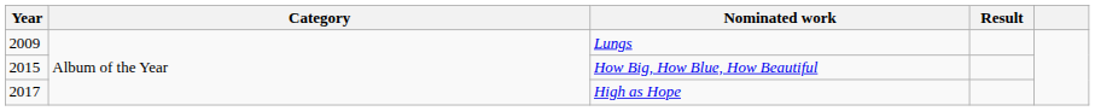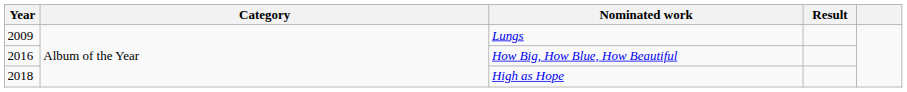 <table class="wikitable plainrowheaders" style="width:70%;">
 <tr>
 <th scope="col" style="width:4%;">Year</th>
 <th scope="col" style="width:50%;">Category</th>
 <th scope="col" style="width:35%;">Nominated work</th>
 <th scope="col" style="width:6%;">Result</th>
 <th scope="col" style="width:6%;"></th>
 </tr>
 <tr>
 <td>2009</td>
 <td rowspan="3">Album of the Year</td>
 <td><em><a href='#'>Lungs</a></em></td>
 <td></td>
 <td rowspan=3></td>
 </tr>
 <tr>
-<td>2015</td>
+<td>2016</td>
 <td><em><a href='#'>How Big, How Blue, How Beautiful</a></em></td>
 <td></td>
 </tr>
 <tr>
-<td>2017</td>
+<td>2018</td>
 <td><em><a href='#'>High as Hope</a></em></td>
 <td></td>
 </tr>
 </table>
